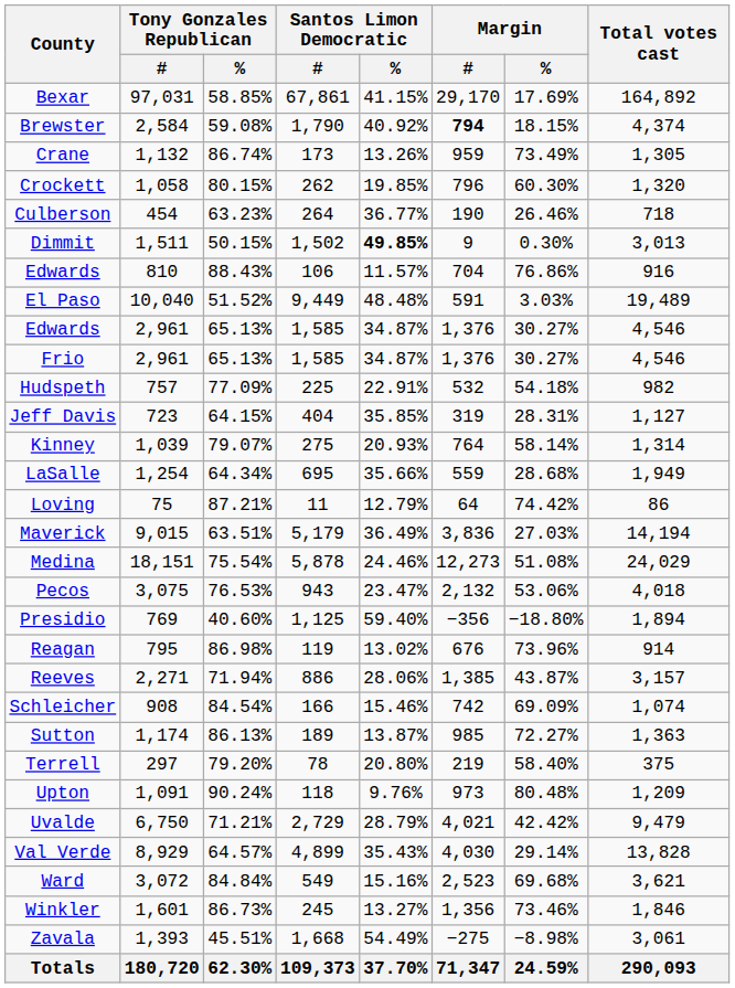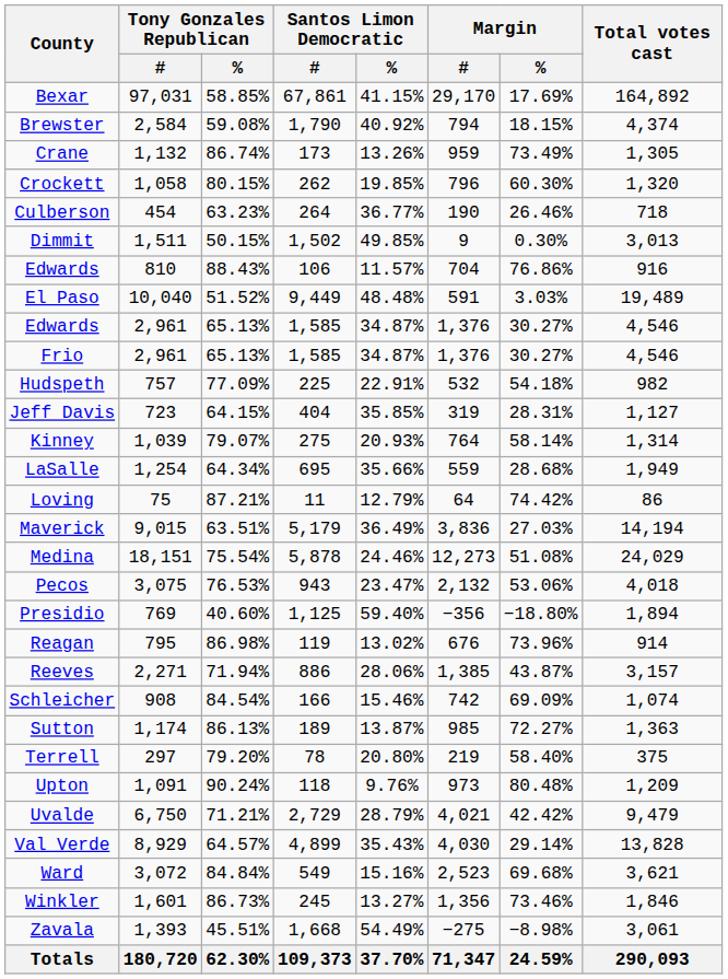 <table width="60%"  class="wikitable sortable" style="text-align:center">
 <tr>
 <th rowspan="2">County</th>
 <th style="text-align:center;" colspan="2">Tony Gonzales<br>Republican</th>
 <th style="text-align:center;" colspan="2">Santos Limon<br>Democratic</th>
 <th style="text-align:center;" colspan="2">Margin</th>
 <th rowspan="2" style="text-align:center;">Total votes cast</th>
 </tr>
 <tr>
 <th style="text-align:center;" data-sort-type="number">#</th>
 <th style="text-align:center;" data-sort-type="number">%</th>
 <th style="text-align:center;" data-sort-type="number">#</th>
 <th style="text-align:center;" data-sort-type="number">%</th>
 <th style="text-align:center;" data-sort-type="number">#</th>
 <th style="text-align:center;" data-sort-type="number">%</th>
 </tr>
 <tr style="text-align:center;">
 <td style="background-color:"><a href='#'>Bexar</a></td>
 <td style="background-color:">97,031</td>
 <td style="background-color:">58.85%</td>
 <td style="color:black;background-color:">67,861</td>
 <td style="color:black;background-color:">41.15%</td>
 <td style="background-color:">29,170</td>
 <td style="background-color:">17.69%</td>
 <td style="background-color:">164,892</td>
 </tr>
 <tr style="text-align:center;">
 <td style="background-color:"><a href='#'>Brewster</a></td>
 <td style="background-color:">2,584</td>
 <td style="background-color:">59.08%</td>
 <td style="color:black;background-color:">1,790</td>
 <td style="color:black;background-color:">40.92%</td>
-<td style="background-color:"><strong>794</strong></td>
+<td style="background-color:">794</td>
 <td style="background-color:">18.15%</td>
 <td style="background-color:">4,374</td>
 </tr>
 <tr style="text-align:center;">
 <td style="background-color:"><a href='#'>Crane</a></td>
 <td style="background-color:">1,132</td>
 <td style="background-color:">86.74%</td>
 <td style="color:black;background-color:">173</td>
 <td style="color:black;background-color:">13.26%</td>
 <td style="background-color:">959</td>
 <td style="background-color:">73.49%</td>
 <td style="background-color:">1,305</td>
 </tr>
 <tr style="text-align:center;">
 <td style="background-color:"><a href='#'>Crockett</a></td>
 <td style="background-color:">1,058</td>
 <td style="background-color:">80.15%</td>
 <td style="color:black;background-color:">262</td>
 <td style="color:black;background-color:">19.85%</td>
 <td style="background-color:">796</td>
 <td style="background-color:">60.30%</td>
 <td style="background-color:">1,320</td>
 </tr>
 <tr style="text-align:center;">
 <td style="background-color:"><a href='#'>Culberson</a></td>
 <td style="background-color:">454</td>
 <td style="background-color:">63.23%</td>
 <td style="color:black;background-color:">264</td>
 <td style="color:black;background-color:">36.77%</td>
 <td style="background-color:">190</td>
 <td style="background-color:">26.46%</td>
 <td style="background-color:">718</td>
 </tr>
 <tr style="text-align:center;">
 <td style="background-color:"><a href='#'>Dimmit</a></td>
 <td style="background-color:">1,511</td>
 <td style="background-color:">50.15%</td>
 <td style="color:black;background-color:">1,502</td>
-<td style="color:black;background-color:"><strong>49.85%</strong></td>
+<td style="color:black;background-color:">49.85%</td>
 <td style="background-color:">9</td>
 <td style="background-color:">0.30%</td>
 <td style="background-color:">3,013</td>
 </tr>
 <tr style="text-align:center;">
 <td style="background-color:"><a href='#'>Edwards</a></td>
 <td style="background-color:">810</td>
 <td style="background-color:">88.43%</td>
 <td style="color:black;background-color:">106</td>
 <td style="color:black;background-color:">11.57%</td>
 <td style="background-color:">704</td>
 <td style="background-color:">76.86%</td>
 <td style="background-color:">916</td>
 </tr>
 <tr style="text-align:center;">
 <td style="background-color:"><a href='#'>El Paso</a></td>
 <td style="background-color:">10,040</td>
 <td style="background-color:">51.52%</td>
 <td style="color:black;background-color:">9,449</td>
 <td style="color:black;background-color:">48.48%</td>
 <td style="background-color:">591</td>
 <td style="background-color:">3.03%</td>
 <td style="background-color:">19,489</td>
 </tr>
 <tr style="text-align:center;">
 <td style="background-color:"><a href='#'>Edwards</a></td>
 <td style="background-color:">2,961</td>
 <td style="background-color:">65.13%</td>
 <td style="color:black;background-color:">1,585</td>
 <td style="color:black;background-color:">34.87%</td>
 <td style="background-color:">1,376</td>
 <td style="background-color:">30.27%</td>
 <td style="background-color:">4,546</td>
 </tr>
 <tr style="text-align:center;">
 <td style="background-color:"><a href='#'>Frio</a></td>
 <td style="background-color:">2,961</td>
 <td style="background-color:">65.13%</td>
 <td style="color:black;background-color:">1,585</td>
 <td style="color:black;background-color:">34.87%</td>
 <td style="background-color:">1,376</td>
 <td style="background-color:">30.27%</td>
 <td style="background-color:">4,546</td>
 </tr>
 <tr style="text-align:center;">
 <td style="background-color:"><a href='#'>Hudspeth</a></td>
 <td style="background-color:">757</td>
 <td style="background-color:">77.09%</td>
 <td style="color:black;background-color:">225</td>
 <td style="color:black;background-color:">22.91%</td>
 <td style="background-color:">532</td>
 <td style="background-color:">54.18%</td>
 <td style="background-color:">982</td>
 </tr>
 <tr style="text-align:center;">
 <td style="background-color:"><a href='#'>Jeff Davis</a></td>
 <td style="background-color:">723</td>
 <td style="background-color:">64.15%</td>
 <td style="color:black;background-color:">404</td>
 <td style="color:black;background-color:">35.85%</td>
 <td style="background-color:">319</td>
 <td style="background-color:">28.31%</td>
 <td style="background-color:">1,127</td>
 </tr>
 <tr style="text-align:center;">
 <td style="background-color:"><a href='#'>Kinney</a></td>
 <td style="background-color:">1,039</td>
 <td style="background-color:">79.07%</td>
 <td style="color:black;background-color:">275</td>
 <td style="color:black;background-color:">20.93%</td>
 <td style="background-color:">764</td>
 <td style="background-color:">58.14%</td>
 <td style="background-color:">1,314</td>
 </tr>
 <tr style="text-align:center;">
 <td style="background-color:"><a href='#'>LaSalle</a></td>
 <td style="background-color:">1,254</td>
 <td style="background-color:">64.34%</td>
 <td style="color:black;background-color:">695</td>
 <td style="color:black;background-color:">35.66%</td>
 <td style="background-color:">559</td>
 <td style="background-color:">28.68%</td>
 <td style="background-color:">1,949</td>
 </tr>
 <tr style="text-align:center;">
 <td style="background-color:"><a href='#'>Loving</a></td>
 <td style="background-color:">75</td>
 <td style="background-color:">87.21%</td>
 <td style="color:black;background-color:">11</td>
 <td style="color:black;background-color:">12.79%</td>
 <td style="background-color:">64</td>
 <td style="background-color:">74.42%</td>
 <td style="background-color:">86</td>
 </tr>
 <tr style="text-align:center;">
 <td style="background-color:"><a href='#'>Maverick</a></td>
 <td style="background-color:">9,015</td>
 <td style="background-color:">63.51%</td>
 <td style="color:black;background-color:">5,179</td>
 <td style="color:black;background-color:">36.49%</td>
 <td style="background-color:">3,836</td>
 <td style="background-color:">27.03%</td>
 <td style="background-color:">14,194</td>
 </tr>
 <tr style="text-align:center;">
 <td style="background-color:"><a href='#'>Medina</a></td>
 <td style="background-color:">18,151</td>
 <td style="background-color:">75.54%</td>
 <td style="color:black;background-color:">5,878</td>
 <td style="color:black;background-color:">24.46%</td>
 <td style="background-color:">12,273</td>
 <td style="background-color:">51.08%</td>
 <td style="background-color:">24,029</td>
 </tr>
 <tr style="text-align:center;">
 <td style="background-color:"><a href='#'>Pecos</a></td>
 <td style="background-color:">3,075</td>
 <td style="background-color:">76.53%</td>
 <td style="color:black;background-color:">943</td>
 <td style="color:black;background-color:">23.47%</td>
 <td style="background-color:">2,132</td>
 <td style="background-color:">53.06%</td>
 <td style="background-color:">4,018</td>
 </tr>
 <tr style="text-align:center;">
 <td style="color:black;background-color:"><a href='#'>Presidio</a></td>
 <td style="background-color:">769</td>
 <td style="background-color:">40.60%</td>
 <td style="color:black;background-color:">1,125</td>
 <td style="color:black;background-color:">59.40%</td>
 <td style="color:black;background-color:">−356</td>
 <td style="color:black;background-color:">−18.80%</td>
 <td style="color:black;background-color:">1,894</td>
 </tr>
 <tr style="text-align:center;">
 <td style="background-color:"><a href='#'>Reagan</a></td>
 <td style="background-color:">795</td>
 <td style="background-color:">86.98%</td>
 <td style="color:black;background-color:">119</td>
 <td style="color:black;background-color:">13.02%</td>
 <td style="background-color:">676</td>
 <td style="background-color:">73.96%</td>
 <td style="background-color:">914</td>
 </tr>
 <tr style="text-align:center;">
 <td style="background-color:"><a href='#'>Reeves</a></td>
 <td style="background-color:">2,271</td>
 <td style="background-color:">71.94%</td>
 <td style="color:black;background-color:">886</td>
 <td style="color:black;background-color:">28.06%</td>
 <td style="background-color:">1,385</td>
 <td style="background-color:">43.87%</td>
 <td style="background-color:">3,157</td>
 </tr>
 <tr style="text-align:center;">
 <td style="background-color:"><a href='#'>Schleicher</a></td>
 <td style="background-color:">908</td>
 <td style="background-color:">84.54%</td>
 <td style="color:black;background-color:">166</td>
 <td style="color:black;background-color:">15.46%</td>
 <td style="background-color:">742</td>
 <td style="background-color:">69.09%</td>
 <td style="background-color:">1,074</td>
 </tr>
 <tr style="text-align:center;">
 <td style="background-color:"><a href='#'>Sutton</a></td>
 <td style="background-color:">1,174</td>
 <td style="background-color:">86.13%</td>
 <td style="color:black;background-color:">189</td>
 <td style="color:black;background-color:">13.87%</td>
 <td style="background-color:">985</td>
 <td style="background-color:">72.27%</td>
 <td style="background-color:">1,363</td>
 </tr>
 <tr style="text-align:center;">
 <td style="background-color:"><a href='#'>Terrell</a></td>
 <td style="background-color:">297</td>
 <td style="background-color:">79.20%</td>
 <td style="color:black;background-color:">78</td>
 <td style="color:black;background-color:">20.80%</td>
 <td style="background-color:">219</td>
 <td style="background-color:">58.40%</td>
 <td style="background-color:">375</td>
 </tr>
 <tr style="text-align:center;">
 <td style="background-color:"><a href='#'>Upton</a></td>
 <td style="background-color:">1,091</td>
 <td style="background-color:">90.24%</td>
 <td style="color:black;background-color:">118</td>
 <td style="color:black;background-color:">9.76%</td>
 <td style="background-color:">973</td>
 <td style="background-color:">80.48%</td>
 <td style="background-color:">1,209</td>
 </tr>
 <tr style="text-align:center;">
 <td style="background-color:"><a href='#'>Uvalde</a></td>
 <td style="background-color:">6,750</td>
 <td style="background-color:">71.21%</td>
 <td style="color:black;background-color:">2,729</td>
 <td style="color:black;background-color:">28.79%</td>
 <td style="background-color:">4,021</td>
 <td style="background-color:">42.42%</td>
 <td style="background-color:">9,479</td>
 </tr>
 <tr style="text-align:center;">
 <td style="background-color:"><a href='#'>Val Verde</a></td>
 <td style="background-color:">8,929</td>
 <td style="background-color:">64.57%</td>
 <td style="color:black;background-color:">4,899</td>
 <td style="color:black;background-color:">35.43%</td>
 <td style="background-color:">4,030</td>
 <td style="background-color:">29.14%</td>
 <td style="background-color:">13,828</td>
 </tr>
 <tr style="text-align:center;">
 <td style="background-color:"><a href='#'>Ward</a></td>
 <td style="background-color:">3,072</td>
 <td style="background-color:">84.84%</td>
 <td style="color:black;background-color:">549</td>
 <td style="color:black;background-color:">15.16%</td>
 <td style="background-color:">2,523</td>
 <td style="background-color:">69.68%</td>
 <td style="background-color:">3,621</td>
 </tr>
 <tr style="text-align:center;">
 <td style="background-color:"><a href='#'>Winkler</a></td>
 <td style="background-color:">1,601</td>
 <td style="background-color:">86.73%</td>
 <td style="color:black;background-color:">245</td>
 <td style="color:black;background-color:">13.27%</td>
 <td style="background-color:">1,356</td>
 <td style="background-color:">73.46%</td>
 <td style="background-color:">1,846</td>
 </tr>
 <tr style="text-align:center;">
 <td style="color:black;background-color:"><a href='#'>Zavala</a></td>
 <td style="background-color:">1,393</td>
 <td style="background-color:">45.51%</td>
 <td style="color:black;background-color:">1,668</td>
 <td style="color:black;background-color:">54.49%</td>
 <td style="color:black;background-color:">−275</td>
 <td style="color:black;background-color:">−8.98%</td>
 <td style="color:black;background-color:">3,061</td>
 </tr>
 <tr style="text-align:center;">
 <th>Totals</th>
 <th>180,720</th>
 <th>62.30%</th>
 <th>109,373</th>
 <th>37.70%</th>
 <th>71,347</th>
 <th>24.59%</th>
 <th>290,093</th>
 </tr>
 </table>
